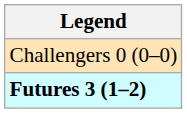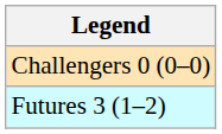 <table class=wikitable style=font-size:97%>
 <tr>
 <th>Legend</th>
 </tr>
 <tr style="background:moccasin;">
 <td>Challengers 0 (0–0)</td>
 </tr>
 <tr style="background:#cffcff;">
-<td><strong>Futures 3 (1–2)</strong></td>
+<td>Futures 3 (1–2)</td>
 </tr>
 </table>
